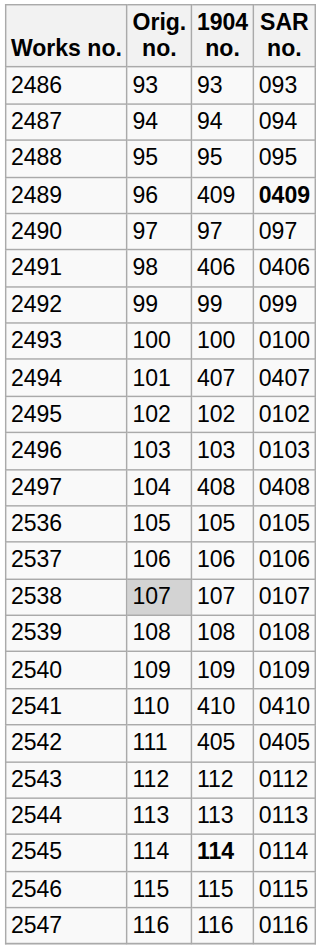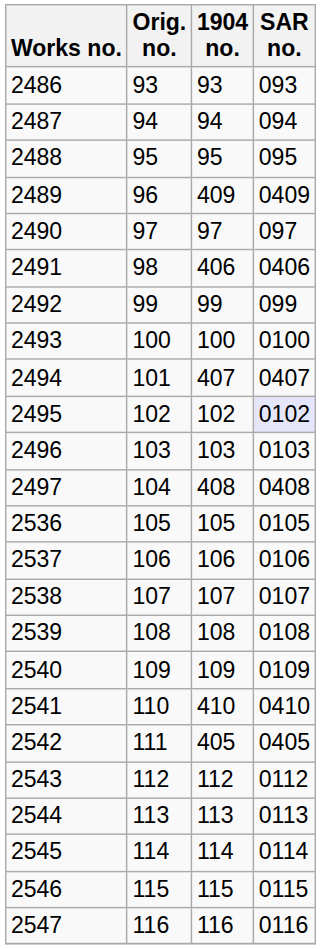 <table class="wikitable collapsible collapsed sortable" style="margin:0.5em auto; font-size:100%;">
 <tr>
 <th><br>Works no.</th>
 <th>Orig.<br>no.</th>
 <th>1904<br>no.</th>
 <th>SAR<br>no.</th>
 </tr>
 <tr>
 <td>2486</td>
 <td>93</td>
 <td>93</td>
 <td>093</td>
 </tr>
 <tr>
 <td>2487</td>
 <td>94</td>
 <td>94</td>
 <td>094</td>
 </tr>
 <tr>
 <td>2488</td>
 <td>95</td>
 <td>95</td>
 <td>095</td>
 </tr>
 <tr>
 <td>2489</td>
 <td>96</td>
 <td>409</td>
-<td><strong>0409</strong></td>
+<td>0409</td>
 </tr>
 <tr>
 <td>2490</td>
 <td>97</td>
 <td>97</td>
 <td>097</td>
 </tr>
 <tr>
 <td>2491</td>
 <td>98</td>
 <td>406</td>
 <td>0406</td>
 </tr>
 <tr>
 <td>2492</td>
 <td>99</td>
 <td>99</td>
 <td>099</td>
 </tr>
 <tr>
 <td>2493</td>
 <td>100</td>
 <td>100</td>
 <td>0100</td>
 </tr>
 <tr>
 <td>2494</td>
 <td>101</td>
 <td>407</td>
 <td>0407</td>
 </tr>
 <tr>
 <td>2495</td>
 <td>102</td>
 <td>102</td>
-<td>0102</td>
+<td style="background: lavender;">0102</td>
 </tr>
 <tr>
 <td>2496</td>
 <td>103</td>
 <td>103</td>
 <td>0103</td>
 </tr>
 <tr>
 <td>2497</td>
 <td>104</td>
 <td>408</td>
 <td>0408</td>
 </tr>
 <tr>
 <td>2536</td>
 <td>105</td>
 <td>105</td>
 <td>0105</td>
 </tr>
 <tr>
 <td>2537</td>
 <td>106</td>
 <td>106</td>
 <td>0106</td>
 </tr>
 <tr>
 <td>2538</td>
-<td style="background: lightgrey;">107</td>
+<td>107</td>
 <td>107</td>
 <td>0107</td>
 </tr>
 <tr>
 <td>2539</td>
 <td>108</td>
 <td>108</td>
 <td>0108</td>
 </tr>
 <tr>
 <td>2540</td>
 <td>109</td>
 <td>109</td>
 <td>0109</td>
 </tr>
 <tr>
 <td>2541</td>
 <td>110</td>
 <td>410</td>
 <td>0410</td>
 </tr>
 <tr>
 <td>2542</td>
 <td>111</td>
 <td>405</td>
 <td>0405</td>
 </tr>
 <tr>
 <td>2543</td>
 <td>112</td>
 <td>112</td>
 <td>0112</td>
 </tr>
 <tr>
 <td>2544</td>
 <td>113</td>
 <td>113</td>
 <td>0113</td>
 </tr>
 <tr>
 <td>2545</td>
 <td>114</td>
-<td><strong>114</strong></td>
+<td>114</td>
 <td>0114</td>
 </tr>
 <tr>
 <td>2546</td>
 <td>115</td>
 <td>115</td>
 <td>0115</td>
 </tr>
 <tr>
 <td>2547</td>
 <td>116</td>
 <td>116</td>
 <td>0116</td>
 </tr>
 <tr>
 </tr>
 </table>
